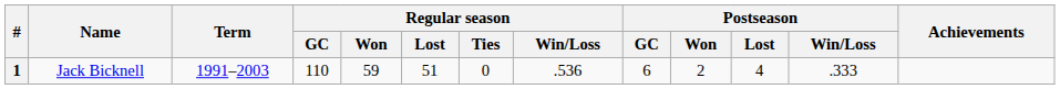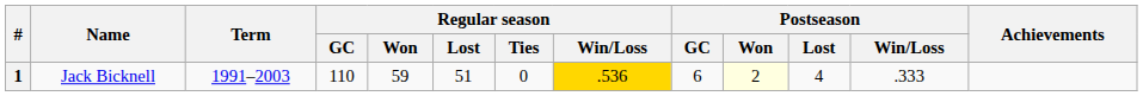 <table class="wikitable" style="font-size:95%; text-align:center; width:65em">
 <tr>
 <th rowspan="2">#</th>
 <th rowspan="2">Name</th>
 <th rowspan="2">Term</th>
 <th colspan="5">Regular season</th>
 <th colspan="4">Postseason</th>
 <th rowspan="2">Achievements</th>
 </tr>
 <tr>
 <th>GC</th>
 <th>Won</th>
 <th>Lost</th>
 <th>Ties</th>
 <th>Win/Loss</th>
 <th>GC</th>
 <th>Won</th>
 <th>Lost</th>
 <th>Win/Loss</th>
 </tr>
 <tr>
 <th>1</th>
 <td><a href='#'>Jack Bicknell</a></td>
 <td><a href='#'>1991</a>–<a href='#'>2003</a></td>
 <td>110</td>
 <td>59</td>
 <td>51</td>
 <td>0</td>
-<td>.536</td>
+<td style="background: gold;">.536</td>
 <td>6</td>
-<td>2</td>
+<td style="background: lightyellow;">2</td>
 <td>4</td>
 <td>.333</td>
 <td></td>
 </tr>
 </table>
